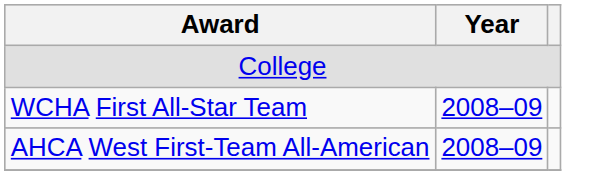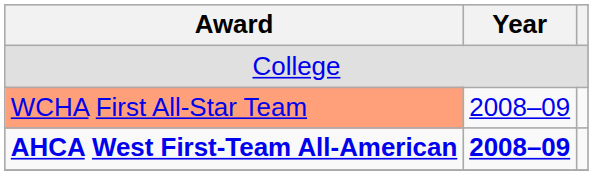 <table class="wikitable">
 <tr>
 <th>Award</th>
 <th>Year</th>
 <th></th>
 </tr>
 <tr ALIGN="center" bgcolor="#e0e0e0">
 <td colspan="3"><a href='#'>College</a></td>
 </tr>
 <tr>
-<td><a href='#'>WCHA</a> <a href='#'>First All-Star Team</a></td>
+<td style="background: lightsalmon;"><a href='#'>WCHA</a> <a href='#'>First All-Star Team</a></td>
 <td><a href='#'>2008–09</a></td>
 <td></td>
 </tr>
 <tr>
-<td><a href='#'>AHCA</a> <a href='#'>West First-Team All-American</a></td>
-<td><a href='#'>2008–09</a></td>
+<td><strong><a href='#'>AHCA</a> <a href='#'>West First-Team All-American</a></strong></td>
+<td><strong><a href='#'>2008–09</a></strong></td>
 <td></td>
 </tr>
 <tr>
 </tr>
 </table>
